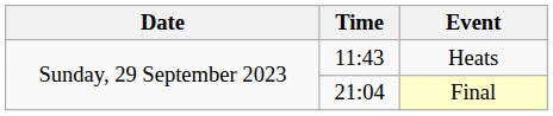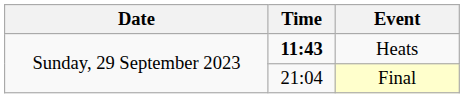 <table class = "wikitable" style="text-align:center;">
 <tr>
 <th width=220>Date</th>
 <th width=50>Time</th>
 <th width=100>Event</th>
 </tr>
 <tr>
 <td rowspan=2>Sunday, 29 September 2023</td>
-<td>11:43</td>
+<td><strong>11:43</strong></td>
 <td>Heats</td>
 </tr>
 <tr>
 <td>21:04</td>
 <td bgcolor=ffffcc>Final</td>
 </tr>
 </table>
